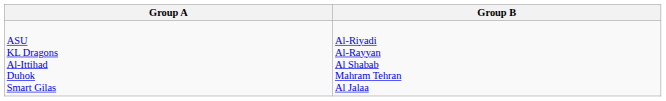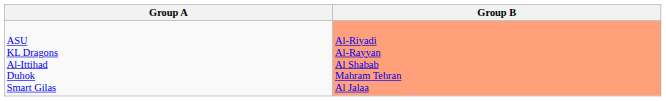 <table class="wikitable" style="width:80%; text-align: left">
 <tr>
 <th style="width:15%; text-align:center; color:Black"><strong>Group A</strong></th>
 <th style="width:15%; text-align:center; color:Black"><strong>Group B</strong></th>
 </tr>
 <tr>
 <td><br> <a href='#'>ASU</a><br>  <a href='#'>KL Dragons</a><br>  <a href='#'>Al-Ittihad</a> <br>  <a href='#'>Duhok</a> <br>  <a href='#'>Smart Gilas</a></td>
-<td><br> <a href='#'>Al-Riyadi</a><br>  <a href='#'>Al-Rayyan</a><br>  <a href='#'>Al Shabab</a><br>  <a href='#'>Mahram Tehran</a><br>  <a href='#'>Al Jalaa</a></td>
+<td style="background: lightsalmon;"><br> <a href='#'>Al-Riyadi</a><br>  <a href='#'>Al-Rayyan</a><br>  <a href='#'>Al Shabab</a><br>  <a href='#'>Mahram Tehran</a><br>  <a href='#'>Al Jalaa</a></td>
 </tr>
 </table>
